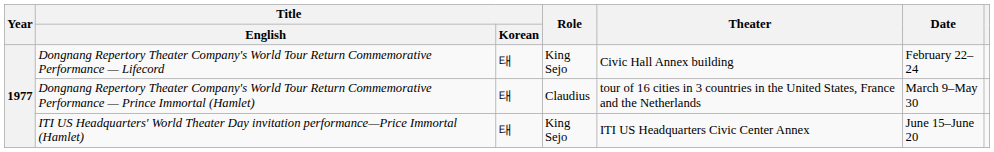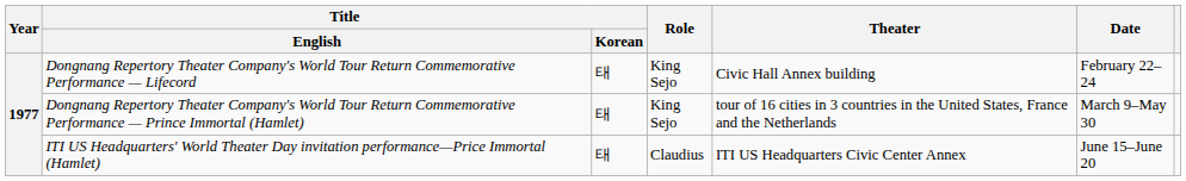 <table Class="wikitable sortable plainrowheaders" style="clear:none; font-size:100%;">
 <tr>
 <th scope="col" rowspan="2">Year</th>
 <th scope="col" colspan="2">Title</th>
 <th scope="col" rowspan="2">Role</th>
 <th scope="col" rowspan="2">Theater</th>
 <th scope="col" rowspan="2">Date</th>
 <th scope="col" rowspan="2" class="unsortable"></th>
 </tr>
 <tr>
 <th>English</th>
 <th>Korean</th>
 </tr>
 <tr>
 <th scope="row" rowspan="3">1977</th>
 <td><em>Dongnang Repertory Theater Company's World Tour Return Commemorative Performance — Lifecord</em></td>
 <td>태</td>
 <td>King Sejo</td>
 <td>Civic Hall Annex building</td>
 <td>February 22–24</td>
 <td></td>
 </tr>
 <tr>
 <td><em>Dongnang Repertory Theater Company's World Tour Return Commemorative Performance — Prince Immortal (Hamlet)</em></td>
 <td>태</td>
-<td>Claudius</td>
+<td>King Sejo</td>
 <td>tour of 16 cities in 3 countries in the United States, France and the Netherlands</td>
 <td>March 9–May 30</td>
 <td></td>
 </tr>
 <tr>
 <td><em>ITI US Headquarters' World Theater Day invitation performance—Price Immortal (Hamlet)</em></td>
 <td>태</td>
-<td>King Sejo</td>
+<td>Claudius</td>
 <td>ITI US Headquarters Civic Center Annex</td>
 <td>June 15–June 20</td>
 <td></td>
 </tr>
 </table>
